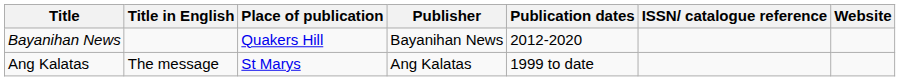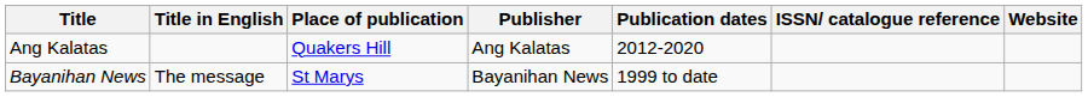 <table class="wikitable sortable">
 <tr>
 <th>Title</th>
 <th>Title in English</th>
 <th>Place of publication</th>
 <th>Publisher</th>
 <th>Publication dates</th>
 <th>ISSN/ catalogue reference</th>
 <th>Website</th>
 </tr>
 <tr>
-<td><em>Bayanihan News</em></td>
+<td>Ang Kalatas</td>
 <td></td>
 <td><a href='#'>Quakers Hill</a></td>
-<td>Bayanihan News</td>
+<td>Ang Kalatas</td>
 <td>2012-2020</td>
 <td></td>
 <td></td>
 </tr>
 <tr>
-<td>Ang Kalatas</td>
+<td><em>Bayanihan News</em></td>
 <td>The message</td>
 <td><a href='#'>St Marys</a></td>
-<td>Ang Kalatas</td>
+<td>Bayanihan News</td>
 <td>1999 to date</td>
 <td></td>
 <td></td>
 </tr>
 </table>
